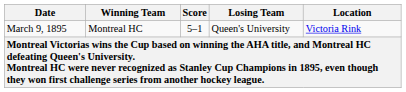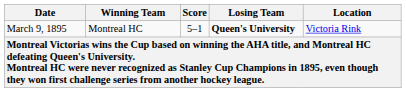 <table class="wikitable">
 <tr>
 <th width="120">Date</th>
 <th width="140">Winning Team</th>
 <th width="5">Score</th>
 <th width="140">Losing Team</th>
 <th width="145">Location</th>
 </tr>
 <tr>
 <td>March 9, 1895</td>
 <td>Montreal HC</td>
 <td align="center">5–1</td>
-<td>Queen's University</td>
+<td><strong>Queen's University</strong></td>
 <td><a href='#'>Victoria Rink</a></td>
 </tr>
 <tr>
 <th colspan="5" style="text-align:left;">Montreal Victorias wins the Cup based on winning the AHA title, and Montreal HC defeating Queen's University.<br>Montreal HC were never recognized as Stanley Cup Champions in 1895,  even though they won first challenge series from another hockey league.</th>
 </tr>
 </table>
